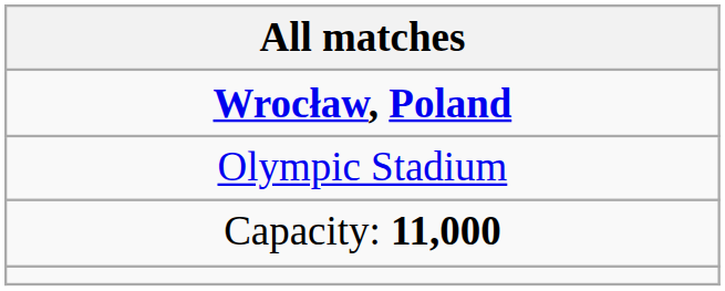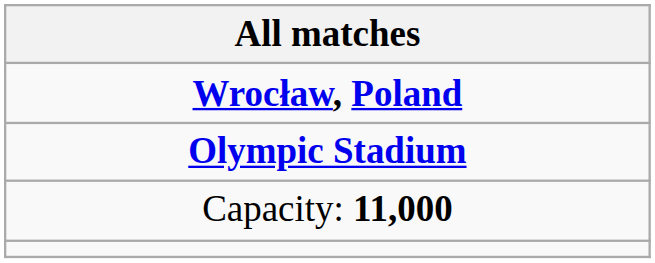 <table class="wikitable" style="text-align:center" width=280>
 <tr>
 <th>All matches</th>
 </tr>
 <tr>
 <td> <strong><a href='#'>Wrocław</a>, <a href='#'>Poland</a></strong></td>
 </tr>
 <tr>
-<td><a href='#'>Olympic Stadium</a></td>
+<td><strong><a href='#'>Olympic Stadium</a></strong></td>
 </tr>
 <tr>
 <td>Capacity: <strong>11,000</strong></td>
 </tr>
 <tr>
 <td></td>
 </tr>
 </table>
